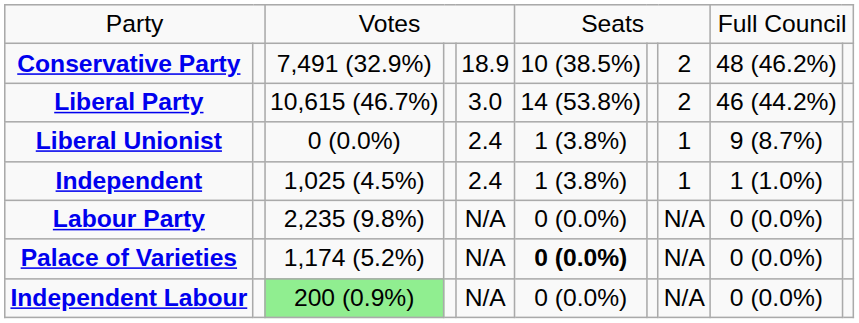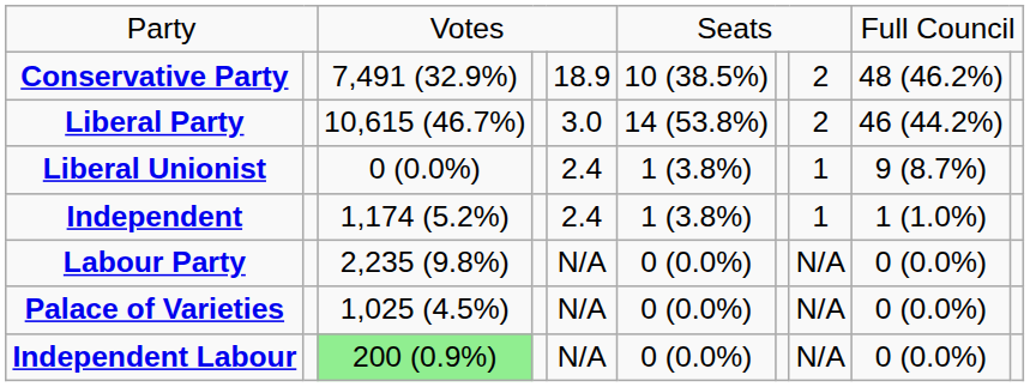 <table class=wikitable style="text-align:center;">
 <tr>
 <td colspan=2>Party</td>
 <td colspan=3>Votes</td>
 <td colspan=3>Seats</td>
 <td colspan=3>Full Council</td>
 </tr>
 <tr>
 <td><strong><a href='#'>Conservative Party</a></strong></td>
 <td style="background:"></td>
 <td>7,491 (32.9%)</td>
 <td></td>
 <td> 18.9</td>
 <td>10 (38.5%)</td>
 <td></td>
 <td> 2</td>
 <td>48 (46.2%)</td>
 <td></td>
 </tr>
 <tr>
 <td><strong><a href='#'>Liberal Party</a></strong></td>
 <td style="background:"></td>
 <td>10,615 (46.7%)</td>
 <td></td>
 <td> 3.0</td>
 <td>14 (53.8%)</td>
 <td></td>
 <td> 2</td>
 <td>46 (44.2%)</td>
 <td></td>
 </tr>
 <tr>
 <td><strong><a href='#'>Liberal Unionist</a></strong></td>
 <td style="background:"></td>
 <td>0 (0.0%)</td>
 <td></td>
 <td> 2.4</td>
 <td>1 (3.8%)</td>
 <td></td>
 <td> 1</td>
 <td>9 (8.7%)</td>
 <td></td>
 </tr>
 <tr>
 <td><strong><a href='#'>Independent</a></strong></td>
 <td style="background:"></td>
-<td>1,025 (4.5%)</td>
+<td>1,174 (5.2%)</td>
 <td></td>
 <td> 2.4</td>
 <td>1 (3.8%)</td>
 <td></td>
 <td> 1</td>
 <td>1 (1.0%)</td>
 <td></td>
 </tr>
 <tr>
 <td><strong><a href='#'>Labour Party</a></strong></td>
 <td style="background:"></td>
 <td>2,235 (9.8%)</td>
 <td></td>
 <td>N/A</td>
 <td>0 (0.0%)</td>
 <td></td>
 <td>N/A</td>
 <td>0 (0.0%)</td>
 <td></td>
 </tr>
 <tr>
 <td><strong><a href='#'>Palace of Varieties</a></strong></td>
 <td style="background:"></td>
-<td>1,174 (5.2%)</td>
+<td>1,025 (4.5%)</td>
 <td></td>
 <td>N/A</td>
-<td><strong>0 (0.0%)</strong></td>
+<td>0 (0.0%)</td>
 <td></td>
 <td>N/A</td>
 <td>0 (0.0%)</td>
 <td></td>
 </tr>
 <tr>
 <td><strong><a href='#'>Independent Labour</a></strong></td>
 <td style="background:"></td>
 <td style="background: lightgreen;">200 (0.9%)</td>
 <td></td>
 <td>N/A</td>
 <td>0 (0.0%)</td>
 <td></td>
 <td>N/A</td>
 <td>0 (0.0%)</td>
 <td></td>
 </tr>
 </table>
